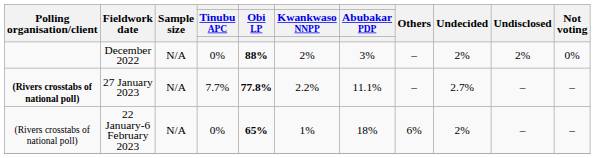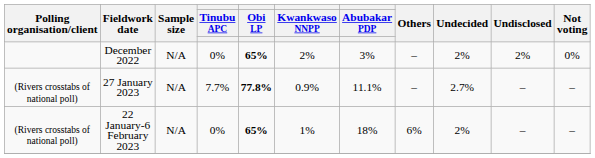 <table class="wikitable" style="text-align:center;font-size:95%;line-height:14px;">
 <tr>
 <th rowspan="3">Polling organisation/client</th>
 <th rowspan="3">Fieldwork<br>date</th>
 <th rowspan="3">Sample<br>size</th>
 <th></th>
 <th></th>
 <th></th>
 <th></th>
 <th rowspan="3">Others</th>
 <th rowspan="3">Undecided</th>
 <th rowspan="3">Undisclosed</th>
 <th rowspan="3">Not voting</th>
 </tr>
 <tr>
 <th><a href='#'>Tinubu</a><br><small><a href='#'>APC</a></small></th>
 <th><a href='#'>Obi</a><br><small><a href='#'>LP</a></small></th>
 <th><a href='#'>Kwankwaso</a><br><small><a href='#'>NNPP</a></small></th>
 <th><a href='#'>Abubakar</a><br><small><a href='#'>PDP</a></small></th>
 </tr>
 <tr>
 <th style="background:"></th>
 <th style="background:"></th>
 <th style="background:"></th>
 <th style="background:"></th>
 </tr>
 <tr>
 <td></td>
 <td>December 2022</td>
 <td>N/A</td>
 <td>0%</td>
-<td><strong>88%</strong></td>
+<td><strong>65%</strong></td>
 <td>2%</td>
 <td>3%</td>
 <td>–</td>
 <td>2%</td>
 <td>2%</td>
 <td>0%</td>
 </tr>
 <tr>
-<td><strong><br><small>(Rivers crosstabs of national poll)</small></strong></td>
+<td><br><small>(Rivers crosstabs of national poll)</small></td>
 <td>27 January 2023</td>
 <td>N/A</td>
 <td>7.7%</td>
 <td><strong>77.8%</strong></td>
-<td>2.2%</td>
+<td>0.9%</td>
 <td>11.1%</td>
 <td>–</td>
 <td>2.7%</td>
 <td>–</td>
 <td>–</td>
 </tr>
 <tr>
 <td><br><small>(Rivers crosstabs of national poll)</small></td>
 <td>22 January-6 February 2023</td>
 <td>N/A</td>
 <td>0%</td>
 <td><strong>65%</strong></td>
 <td>1%</td>
 <td>18%</td>
 <td>6%</td>
 <td>2%</td>
 <td>–</td>
 <td>–</td>
 </tr>
 <tr>
 </tr>
 </table>
